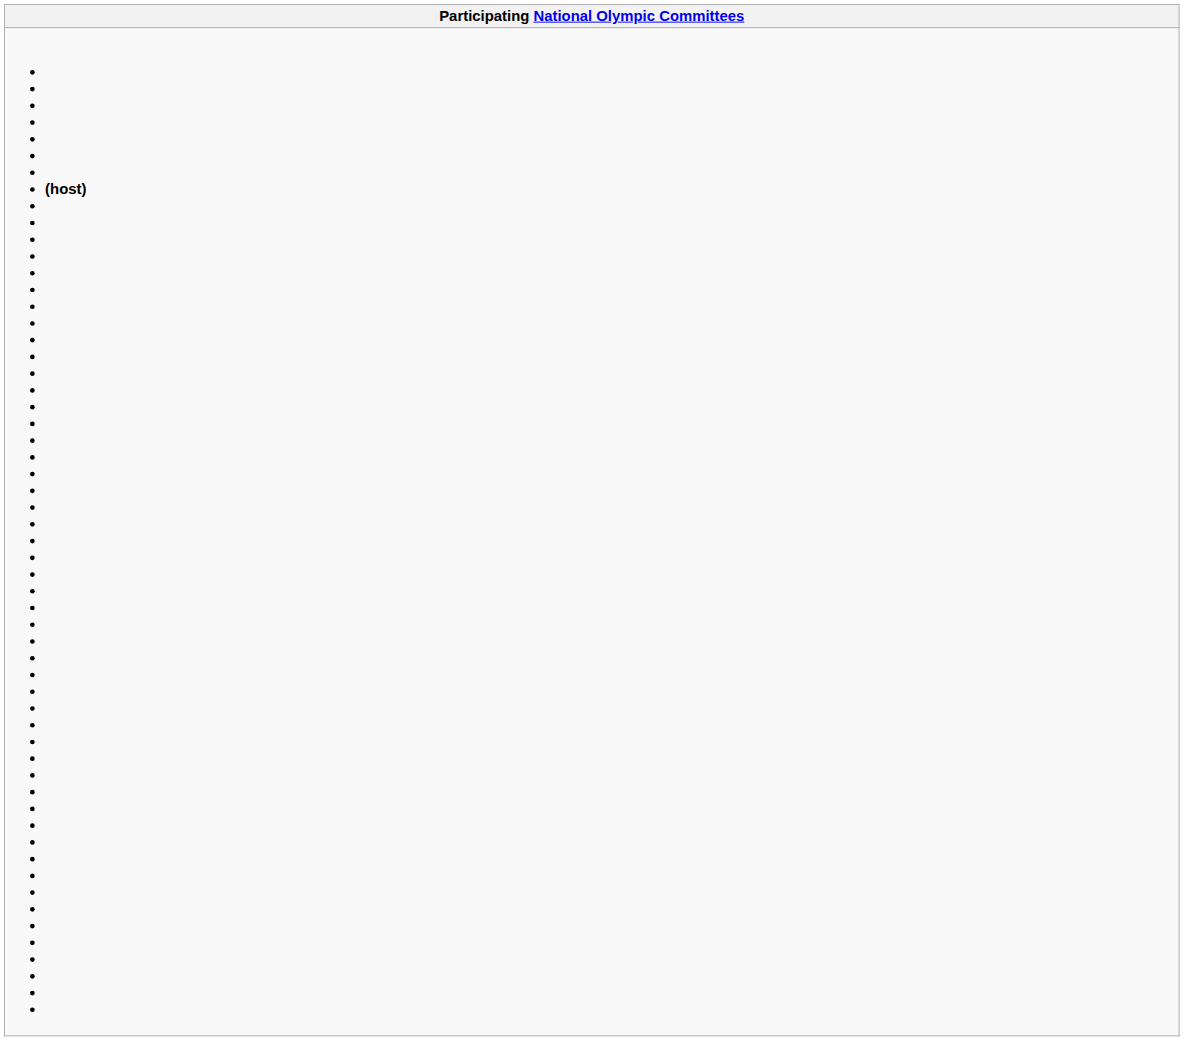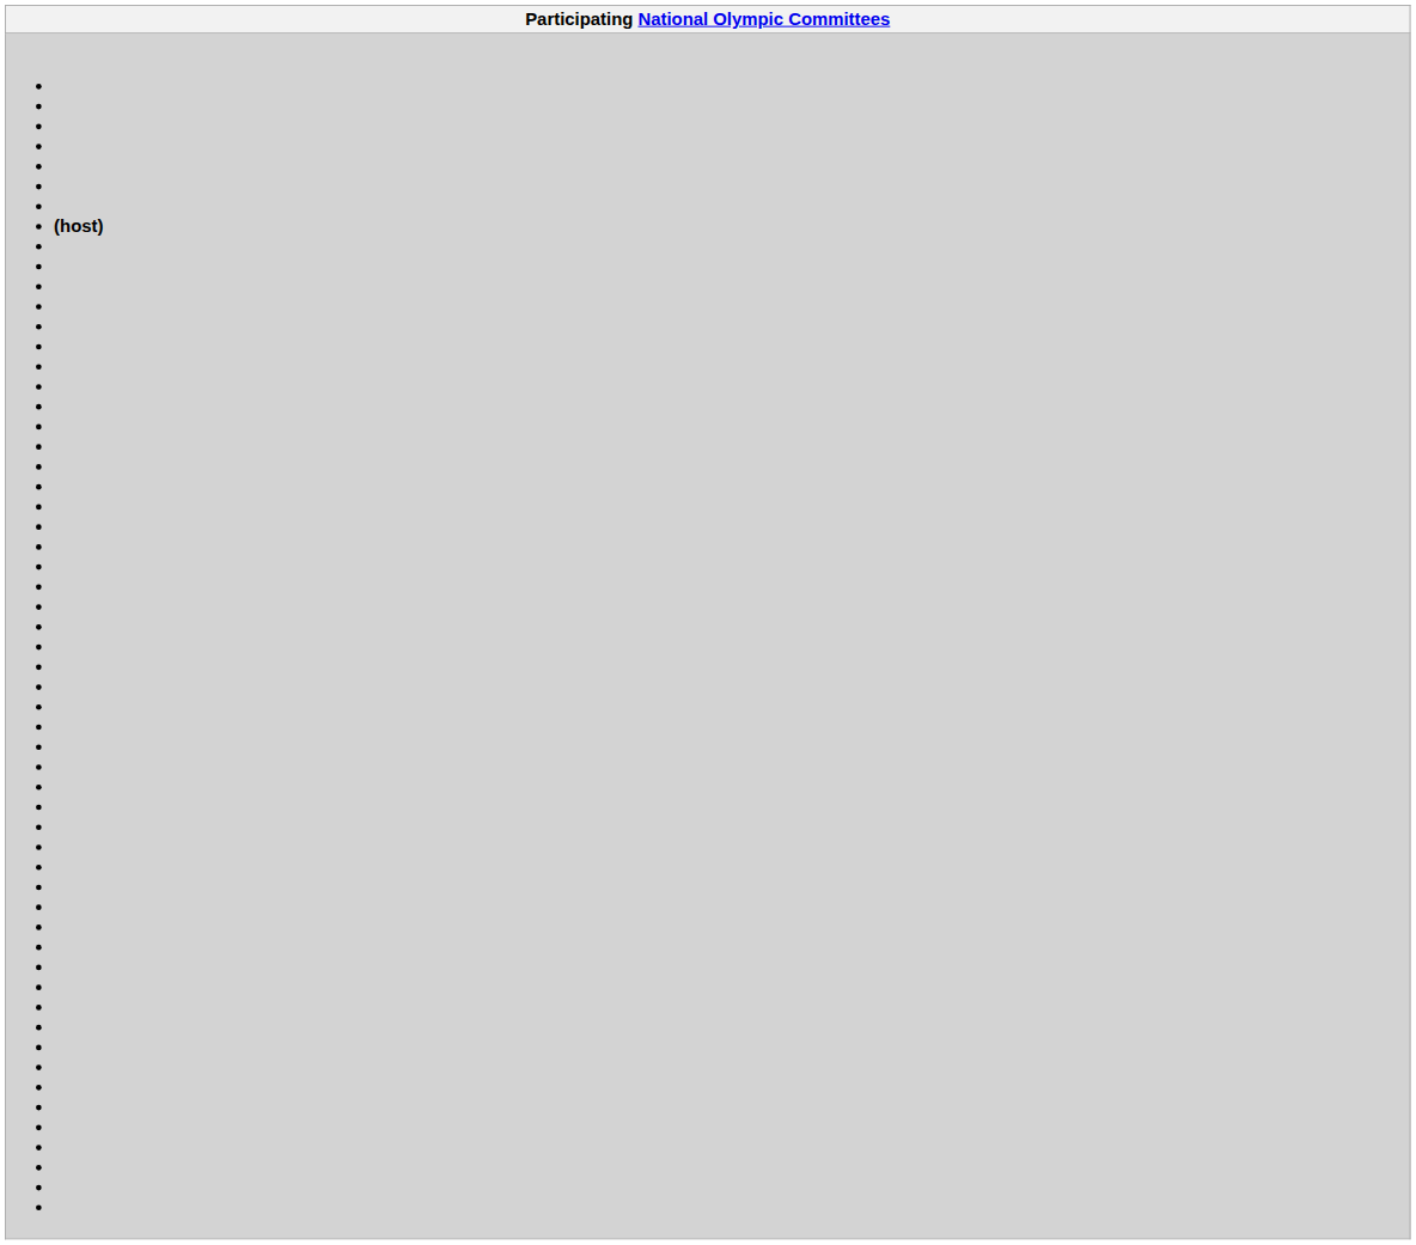 <table class="wikitable collapsible" style="width:100%;">
 <tr>
 <th>Participating <a href='#'>National Olympic Committees</a></th>
 </tr>
 <tr>
-<td><br><ul><li></li><li></li><li></li><li></li><li></li><li></li><li></li><li> <strong>(host)</strong></li><li></li><li></li><li></li><li></li><li></li><li></li><li></li><li></li><li></li><li></li><li></li><li></li><li></li><li></li><li></li><li></li><li></li><li></li><li></li><li></li><li></li><li></li><li></li><li></li><li></li><li></li><li></li><li></li><li></li><li></li><li></li><li></li><li></li><li></li><li></li><li></li><li></li><li></li><li></li><li></li><li></li><li></li><li></li><li></li><li></li><li></li><li></li><li></li><li></li></ul></td>
+<td style="background: lightgrey;"><br><ul><li></li><li></li><li></li><li></li><li></li><li></li><li></li><li> <strong>(host)</strong></li><li></li><li></li><li></li><li></li><li></li><li></li><li></li><li></li><li></li><li></li><li></li><li></li><li></li><li></li><li></li><li></li><li></li><li></li><li></li><li></li><li></li><li></li><li></li><li></li><li></li><li></li><li></li><li></li><li></li><li></li><li></li><li></li><li></li><li></li><li></li><li></li><li></li><li></li><li></li><li></li><li></li><li></li><li></li><li></li><li></li><li></li><li></li><li></li><li></li></ul></td>
 </tr>
 </table>
